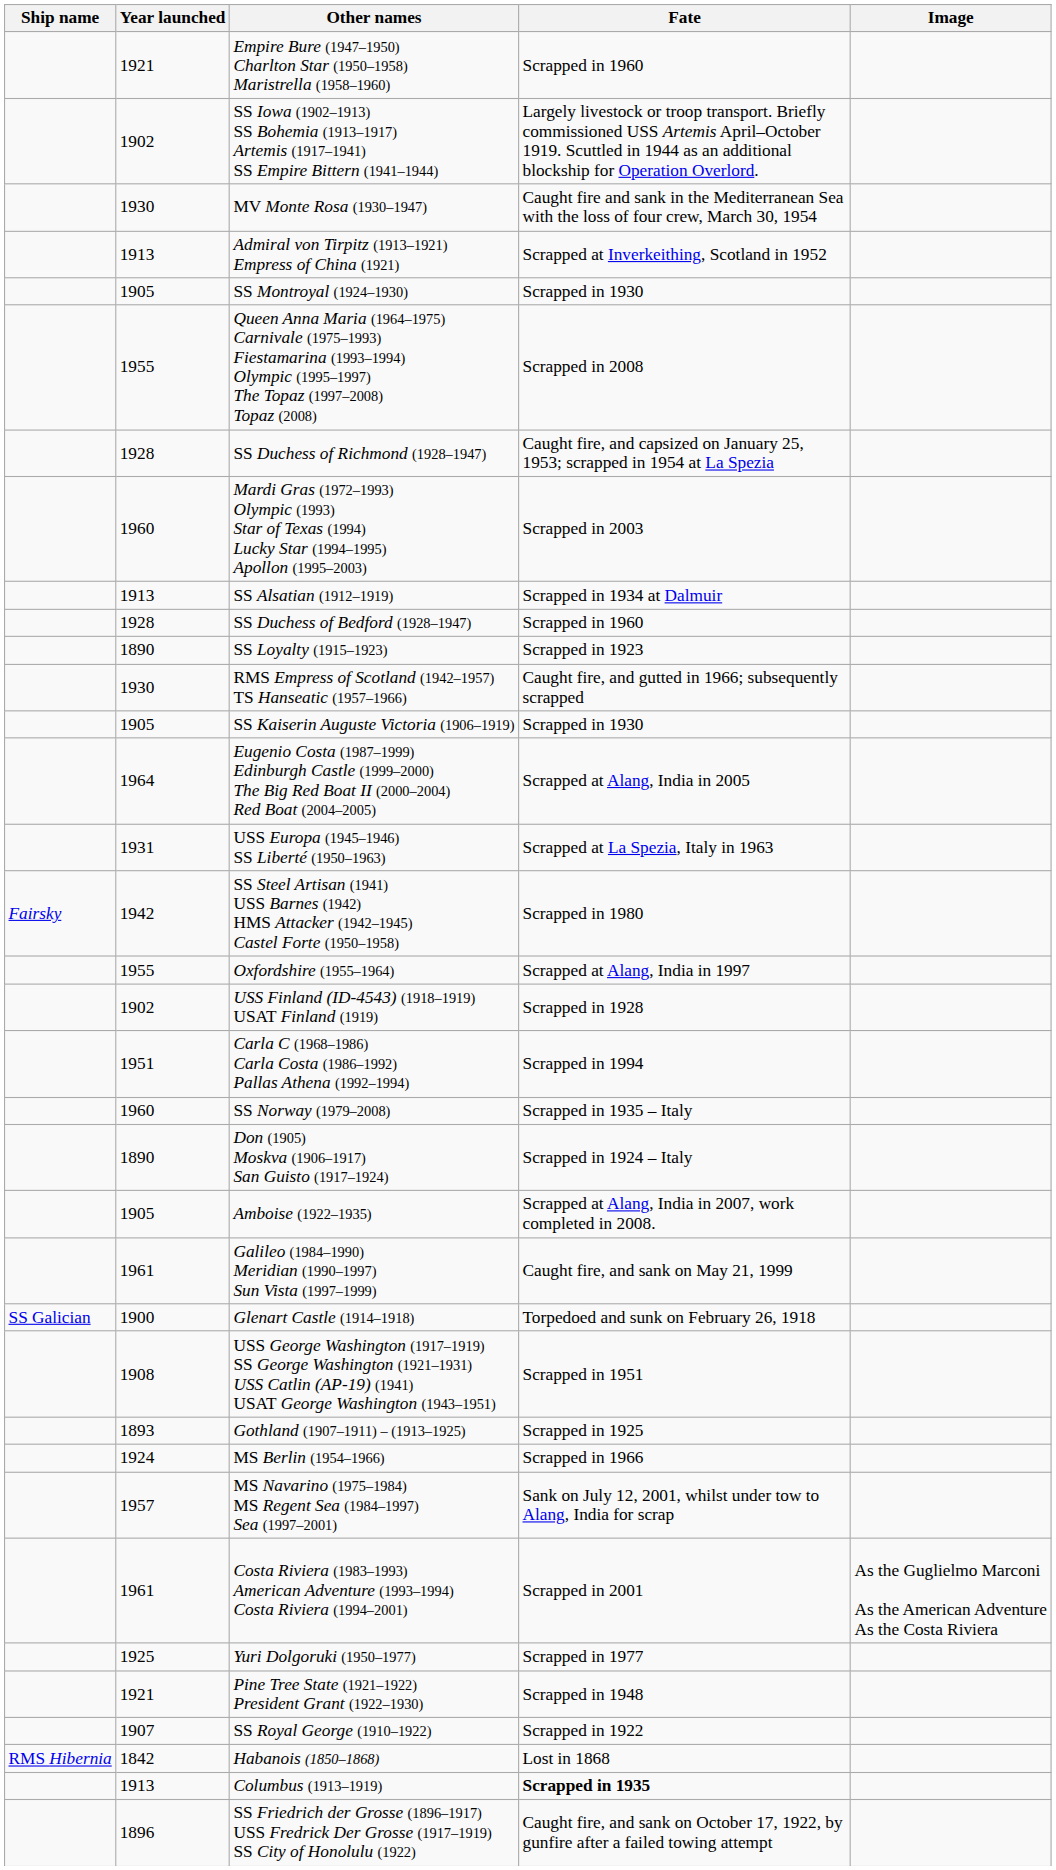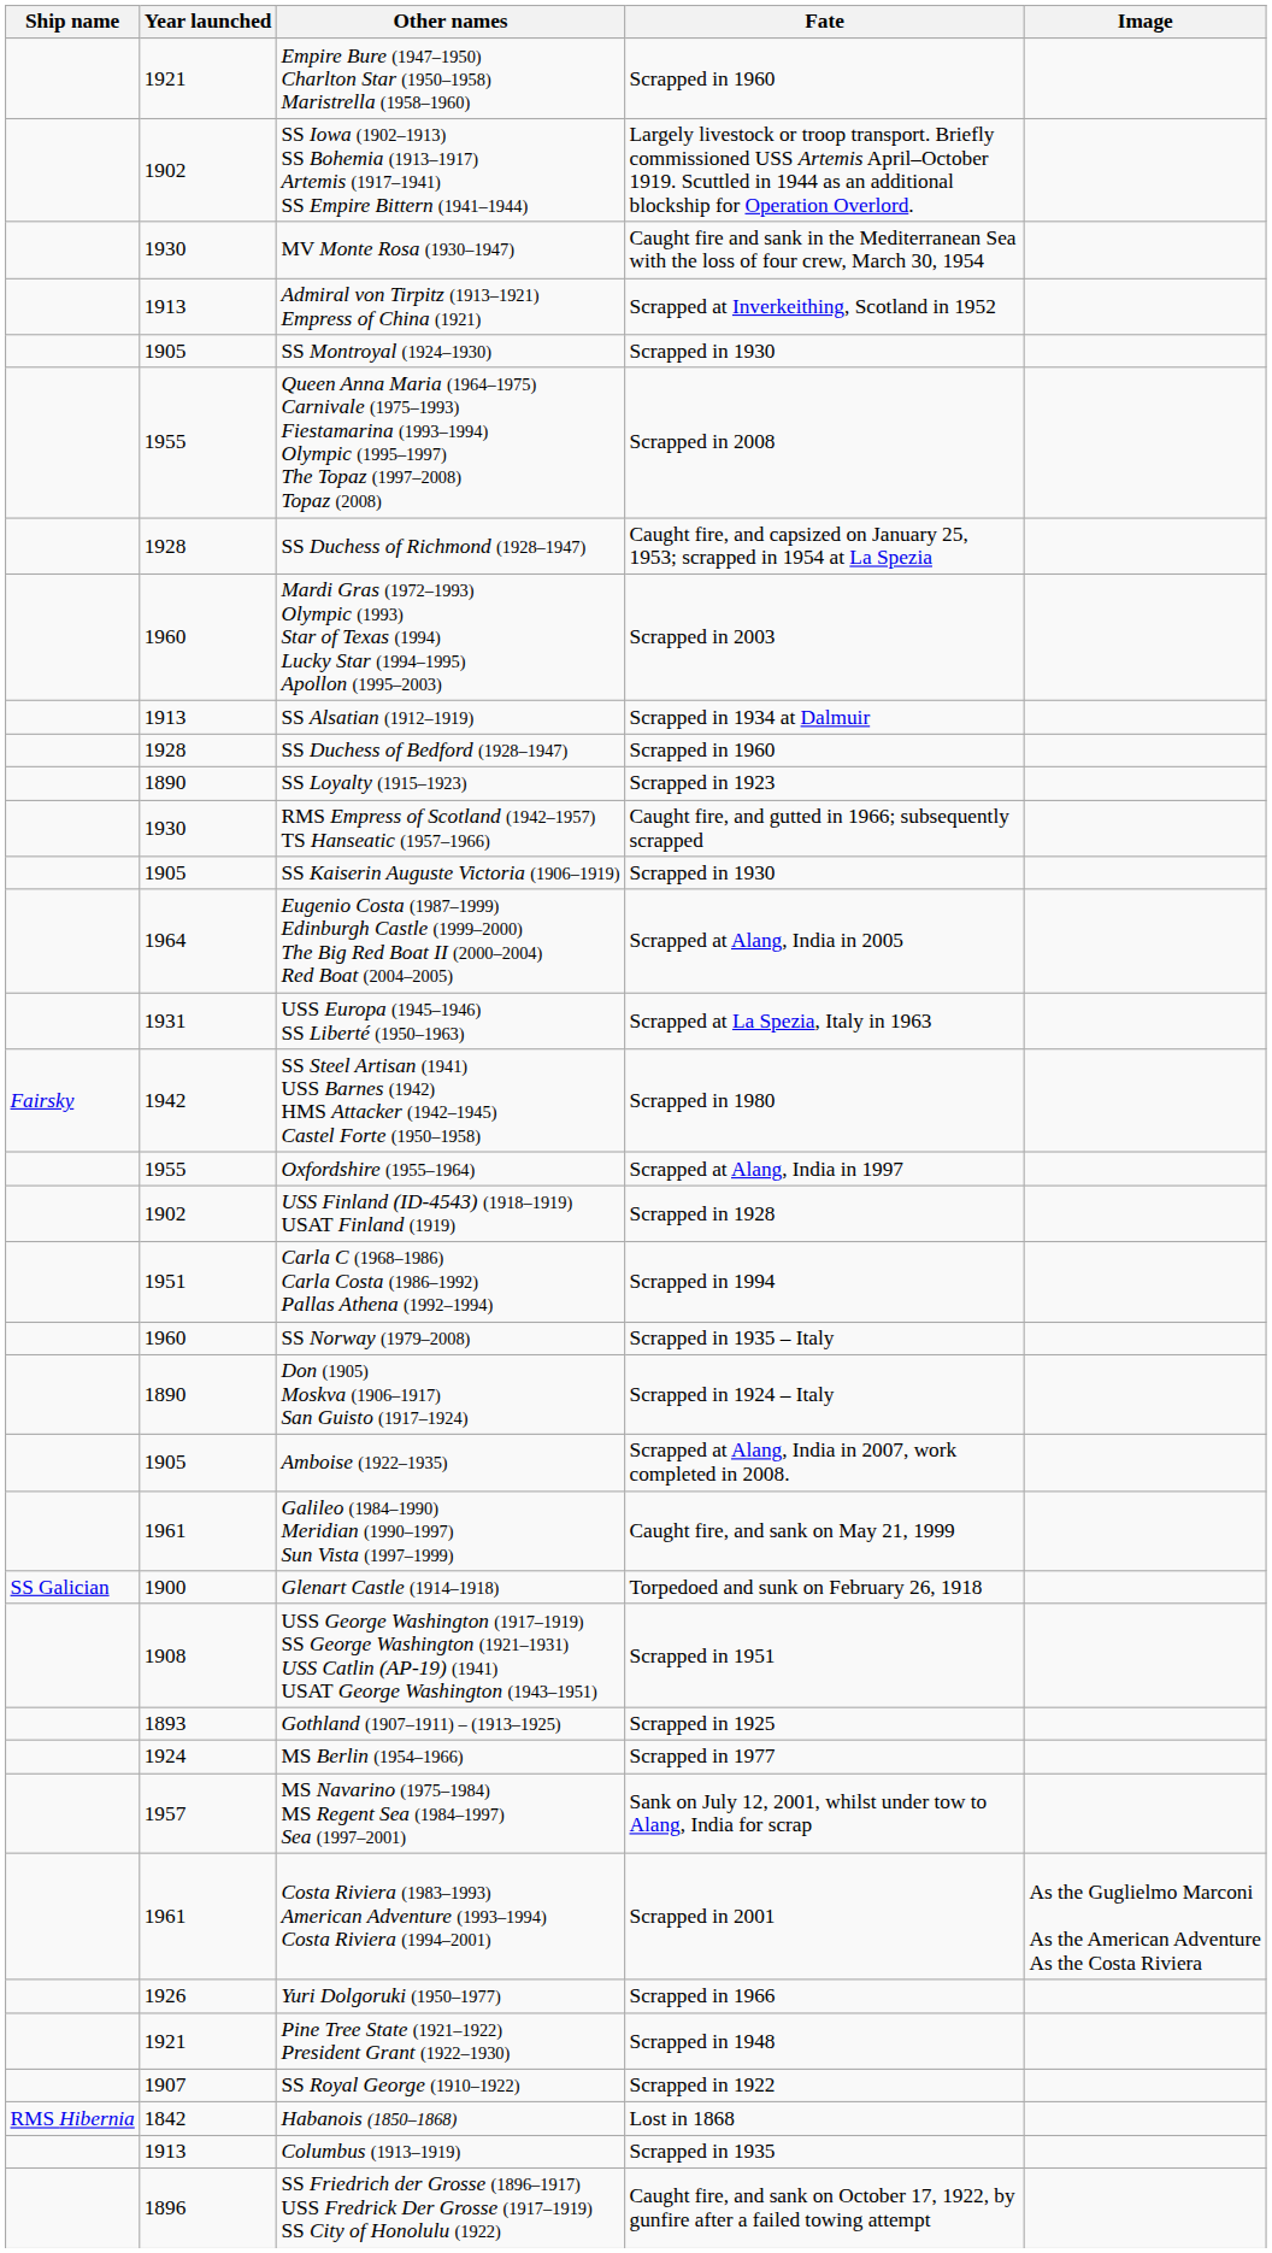 <table class="wikitable sortable">
 <tr>
 <th>Ship name</th>
 <th>Year launched</th>
 <th class="unsortable">Other names</th>
 <th width=300px>Fate</th>
 <th>Image</th>
 </tr>
 <tr>
 <td></td>
 <td>1921</td>
 <td><em>Empire Bure</em> <small>(1947–1950)</small><br><em>Charlton Star</em> <small>(1950–1958)</small><br><em>Maristrella</em> <small>(1958–1960)</small></td>
 <td>Scrapped in 1960</td>
 <td></td>
 </tr>
 <tr>
 <td></td>
 <td>1902</td>
 <td>SS <em>Iowa</em> <small>(1902–1913)</small><br>SS <em>Bohemia</em> <small>(1913–1917)</small> <br><em>Artemis</em> <small>(1917–1941)</small> <br>SS <em>Empire Bittern</em> <small>(1941–1944)</small></td>
 <td>Largely livestock or troop transport. Briefly commissioned USS <em>Artemis</em> April–October 1919. Scuttled in 1944 as an additional blockship for <a href='#'>Operation Overlord</a>.</td>
 <td></td>
 </tr>
 <tr>
 <td></td>
 <td>1930</td>
 <td>MV <em>Monte Rosa</em> <small>(1930–1947)</small></td>
 <td>Caught fire and sank in the Mediterranean Sea with the loss of four crew, March 30, 1954</td>
 <td></td>
 </tr>
 <tr>
 <td></td>
 <td>1913</td>
 <td><em>Admiral von Tirpitz</em> <small>(1913–1921)</small><br><em>Empress of China</em> <small>(1921)</small></td>
 <td>Scrapped at <a href='#'>Inverkeithing</a>, Scotland in 1952</td>
 <td></td>
 </tr>
 <tr>
 <td></td>
 <td>1905</td>
 <td>SS <em>Montroyal</em> <small>(1924–1930)</small></td>
 <td>Scrapped in 1930</td>
 <td></td>
 </tr>
 <tr>
 <td></td>
 <td>1955</td>
 <td><em>Queen Anna Maria</em> <small>(1964–1975)</small><br><em>Carnivale</em> <small>(1975–1993)</small><br><em>Fiestamarina</em> <small>(1993–1994)</small><br><em>Olympic</em> <small>(1995–1997)</small><br> <em>The Topaz</em> <small>(1997–2008)</small><br><em>Topaz</em> <small>(2008)</small></td>
 <td>Scrapped in 2008</td>
 <td></td>
 </tr>
 <tr>
 <td></td>
 <td>1928</td>
 <td>SS <em>Duchess of Richmond</em> <small>(1928–1947)</small></td>
 <td>Caught fire, and capsized on January 25, 1953; scrapped in 1954 at <a href='#'>La Spezia</a></td>
 <td></td>
 </tr>
 <tr>
 <td></td>
 <td>1960</td>
 <td><em>Mardi Gras</em> <small>(1972–1993)</small><br><em>Olympic</em> <small>(1993)</small><br><em>Star of Texas</em> <small>(1994)</small><br><em>Lucky Star</em> <small>(1994–1995)</small><br> <em>Apollon</em> <small>(1995–2003)</small></td>
 <td>Scrapped in 2003</td>
 <td></td>
 </tr>
 <tr>
 <td></td>
 <td>1913</td>
 <td>SS <em>Alsatian</em> <small>(1912–1919)</small></td>
 <td>Scrapped in 1934 at <a href='#'>Dalmuir</a></td>
 <td></td>
 </tr>
 <tr>
 <td></td>
 <td>1928</td>
 <td>SS <em>Duchess of Bedford</em> <small>(1928–1947)</small></td>
 <td>Scrapped in 1960</td>
 <td></td>
 </tr>
 <tr>
 <td></td>
 <td>1890</td>
 <td>SS <em>Loyalty</em> <small>(1915–1923)</small></td>
 <td>Scrapped in 1923</td>
 <td></td>
 </tr>
 <tr>
 <td></td>
 <td>1930</td>
 <td>RMS <em>Empress of Scotland</em> <small>(1942–1957)</small><br>TS <em>Hanseatic</em> <small>(1957–1966)</small></td>
 <td>Caught fire, and gutted in 1966; subsequently scrapped</td>
 <td></td>
 </tr>
 <tr>
 <td></td>
 <td>1905</td>
 <td>SS <em>Kaiserin Auguste Victoria</em> <small>(1906–1919)</small></td>
 <td>Scrapped in 1930</td>
 <td></td>
 </tr>
 <tr>
 <td></td>
 <td>1964</td>
 <td><em>Eugenio Costa</em> <small>(1987–1999)</small><br><em>Edinburgh Castle</em> <small>(1999–2000)</small><br><em>The Big Red Boat II</em> <small>(2000–2004)</small><br><em>Red Boat</em> <small>(2004–2005)</small></td>
 <td>Scrapped at <a href='#'>Alang</a>, India in 2005</td>
 <td></td>
 </tr>
 <tr>
 <td></td>
 <td>1931</td>
 <td>USS <em>Europa</em> <small>(1945–1946)</small><br>SS <em>Liberté</em> <small>(1950–1963)</small></td>
 <td>Scrapped at <a href='#'>La Spezia</a>, Italy in 1963</td>
 <td></td>
 </tr>
 <tr>
 <td><em><a href='#'>Fairsky</a></em></td>
 <td>1942</td>
 <td>SS <em>Steel Artisan</em> <small>(1941)</small><br>USS <em>Barnes</em> <small>(1942)</small><br>HMS <em>Attacker</em> <small>(1942–1945)</small><br><em>Castel Forte</em> <small>(1950–1958)</small></td>
 <td>Scrapped in 1980</td>
 <td></td>
 </tr>
 <tr>
 <td></td>
 <td>1955</td>
 <td><em>Oxfordshire</em> <small>(1955–1964)</small></td>
 <td>Scrapped at <a href='#'>Alang</a>, India in 1997</td>
 <td></td>
 </tr>
 <tr>
 <td></td>
 <td>1902</td>
 <td><em>USS Finland (ID-4543)</em> <small>(1918–1919)</small><br>USAT <em>Finland</em> <small>(1919)</small></td>
 <td>Scrapped in 1928</td>
 <td></td>
 </tr>
 <tr>
 <td></td>
 <td>1951</td>
 <td><em>Carla C</em> <small>(1968–1986)</small><br><em>Carla Costa</em> <small>(1986–1992)</small><br><em>Pallas Athena</em> <small>(1992–1994)</small></td>
 <td>Scrapped in 1994</td>
 <td></td>
 </tr>
 <tr>
 <td></td>
 <td>1960</td>
 <td>SS <em>Norway</em> <small>(1979–2008)</small></td>
 <td>Scrapped in 1935 – Italy</td>
 <td></td>
 </tr>
 <tr>
 <td></td>
 <td>1890</td>
 <td><em>Don</em> <small>(1905)</small><br><em>Moskva</em> <small>(1906–1917)</small><br><em>San Guisto</em> <small>(1917–1924)</small></td>
 <td>Scrapped in 1924 – Italy</td>
 <td></td>
 </tr>
 <tr>
 <td></td>
 <td>1905</td>
 <td><em>Amboise</em> <small>(1922–1935)</small></td>
 <td>Scrapped at <a href='#'>Alang</a>, India in 2007, work completed in 2008.</td>
 </tr>
 <tr>
 <td></td>
 <td>1961</td>
 <td><em>Galileo</em> <small>(1984–1990)</small><br><em>Meridian</em> <small>(1990–1997)</small><br><em>Sun Vista</em> <small>(1997–1999)</small></td>
 <td>Caught fire, and sank on May 21, 1999</td>
 <td></td>
 </tr>
 <tr>
 <td><a href='#'>SS Galician</a></td>
 <td>1900</td>
 <td><em>Glenart Castle</em> <small>(1914–1918)</small></td>
 <td>Torpedoed and sunk on February 26, 1918</td>
 <td></td>
 </tr>
 <tr>
 <td></td>
 <td>1908</td>
 <td>USS <em>George Washington</em> <small>(1917–1919)</small><br>SS <em>George Washington</em> <small>(1921–1931)</small><br><em>USS Catlin (AP-19)</em> <small>(1941)</small><br>USAT <em>George Washington</em> <small>(1943–1951)</small></td>
 <td>Scrapped in 1951</td>
 <td></td>
 </tr>
 <tr>
 <td></td>
 <td>1893</td>
 <td><em>Gothland</em> <small>(1907–1911) – (1913–1925)</small></td>
 <td>Scrapped in 1925</td>
 <td></td>
 </tr>
 <tr>
 <td></td>
 <td>1924</td>
 <td>MS <em>Berlin</em> <small>(1954–1966)</small></td>
-<td>Scrapped in 1966</td>
+<td>Scrapped in 1977</td>
 <td></td>
 </tr>
 <tr>
 <td></td>
 <td>1957</td>
 <td>MS <em>Navarino</em> <small>(1975–1984)</small><br>MS <em>Regent Sea</em> <small>(1984–1997)</small><br><em>Sea</em> <small>(1997–2001)</small></td>
 <td>Sank on July 12, 2001, whilst under tow to <a href='#'>Alang</a>, India for scrap</td>
 <td></td>
 </tr>
 <tr>
 <td></td>
 <td>1961</td>
 <td><em>Costa Riviera</em> <small>(1983–1993)</small><br><em>American Adventure</em> <small>(1993–1994)</small><br><em>Costa Riviera</em> <small>(1994–2001)</small></td>
 <td>Scrapped in 2001</td>
 <td><br>As the Guglielmo Marconi<br><br>As the American Adventure <br>As the Costa Riviera</td>
 </tr>
 <tr>
 <td></td>
-<td>1925</td>
+<td>1926</td>
 <td><em>Yuri Dolgoruki</em> <small>(1950–1977)</small></td>
-<td>Scrapped in 1977</td>
+<td>Scrapped in 1966</td>
 <td></td>
 </tr>
 <tr>
 <td></td>
 <td>1921</td>
 <td><em>Pine Tree State</em> <small>(1921–1922)</small><br><em>President Grant</em> <small>(1922–1930)</small></td>
 <td>Scrapped in 1948</td>
 <td></td>
 </tr>
 <tr>
 <td></td>
 <td>1907</td>
 <td>SS <em>Royal George</em> <small>(1910–1922)</small></td>
 <td>Scrapped in 1922</td>
 <td></td>
 </tr>
 <tr>
 <td><a href='#'>RMS <em>Hibernia</em></a></td>
 <td>1842</td>
 <td><em>Habanois <small>(1850–1868)</small></em></td>
 <td>Lost in 1868</td>
 <td></td>
 </tr>
 <tr>
 <td></td>
 <td>1913</td>
 <td><em>Columbus</em> <small>(1913–1919)</small></td>
-<td><strong>Scrapped in 1935</strong></td>
+<td>Scrapped in 1935</td>
 <td></td>
 </tr>
 <tr>
 <td></td>
 <td>1896</td>
 <td>SS <em>Friedrich der Grosse</em> <small>(1896–1917)</small><br>USS <em>Fredrick Der Grosse</em> <small>(1917–1919)</small><br>SS <em>City of Honolulu</em> <small>(1922)</small></td>
 <td>Caught fire, and sank on October 17, 1922, by gunfire after a failed towing attempt</td>
 <td></td>
 </tr>
 </table>
